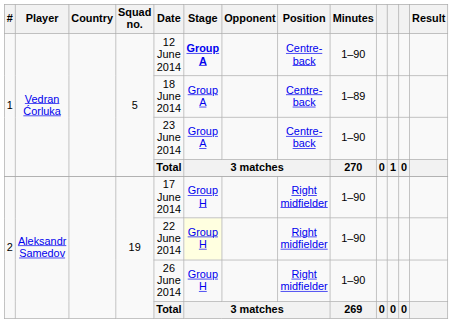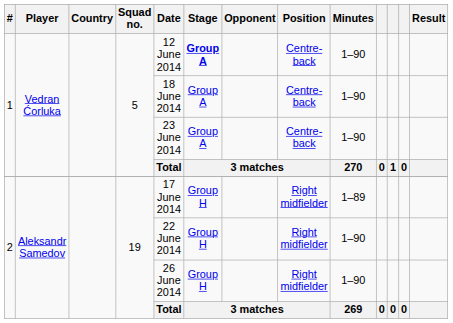 <table class="wikitable">
 <tr style="background:#ccc; text-align:center;">
 <th>#</th>
 <th>Player</th>
 <th>Country</th>
 <th>Squad no.</th>
 <th>Date</th>
 <th>Stage</th>
 <th>Opponent</th>
 <th>Position</th>
 <th>Minutes</th>
 <th></th>
 <th></th>
 <th></th>
 <th>Result</th>
 </tr>
 <tr style="text-align:center;">
 <td rowspan=4 style="vertical-align:center;">1</td>
 <td rowspan=4 style="vertical-align:center;"><a href='#'>Vedran Ćorluka</a></td>
 <td rowspan=4 style="vertical-align:center;"></td>
 <td rowspan=4 style="vertical-align:center;">5</td>
 <td>12 June 2014</td>
 <td><strong><a href='#'>Group A</a></strong></td>
 <td></td>
 <td><a href='#'>Centre-back</a></td>
 <td>1–90</td>
 <td></td>
 <td></td>
 <td></td>
 <td></td>
 </tr>
 <tr style="text-align:center;">
 <td>18 June 2014</td>
 <td><a href='#'>Group A</a></td>
 <td></td>
 <td><a href='#'>Centre-back</a></td>
-<td>1–89</td>
+<td>1–90</td>
 <td></td>
 <td></td>
 <td></td>
 <td></td>
 </tr>
 <tr style="text-align:center;">
 <td>23 June 2014</td>
 <td><a href='#'>Group A</a></td>
 <td></td>
 <td><a href='#'>Centre-back</a></td>
 <td>1–90</td>
 <td></td>
 <td></td>
 <td></td>
 <td></td>
 </tr>
 <tr>
 <th>Total</th>
 <th colspan=3>3 matches</th>
 <th>270</th>
 <th>0</th>
 <th>1</th>
 <th>0</th>
 <th></th>
 </tr>
 <tr>
 </tr>
 <tr style="text-align:center;">
 <td rowspan=4 style="vertical-align:center;">2</td>
 <td rowspan=4 style="vertical-align:center;"><a href='#'>Aleksandr Samedov</a></td>
 <td rowspan=4 style="vertical-align:center;"></td>
 <td rowspan=4 style="vertical-align:center;">19</td>
 <td>17 June 2014</td>
 <td><a href='#'>Group H</a></td>
 <td></td>
 <td><a href='#'>Right midfielder</a></td>
-<td>1–90</td>
+<td>1–89</td>
 <td></td>
 <td></td>
 <td></td>
 <td></td>
 </tr>
 <tr style="text-align:center;">
 <td>22 June 2014</td>
-<td style="background: lightyellow;"><a href='#'>Group H</a></td>
+<td><a href='#'>Group H</a></td>
 <td></td>
 <td><a href='#'>Right midfielder</a></td>
 <td>1–90</td>
 <td></td>
 <td></td>
 <td></td>
 <td></td>
 </tr>
 <tr style="text-align:center;">
 <td>26 June 2014</td>
 <td><a href='#'>Group H</a></td>
 <td></td>
 <td><a href='#'>Right midfielder</a></td>
 <td>1–90</td>
 <td></td>
 <td></td>
 <td></td>
 <td></td>
 </tr>
 <tr>
 <th>Total</th>
 <th colspan=3>3 matches</th>
 <th>269</th>
 <th>0</th>
 <th>0</th>
 <th>0</th>
 <th></th>
 </tr>
 </table>
